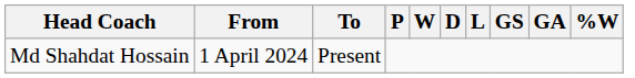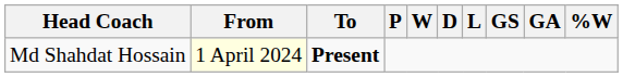 <table class="wikitable sortable" style="text-align: center">
 <tr>
 <th>Head Coach</th>
 <th class="unsortable">From</th>
 <th class="unsortable">To</th>
 <th abbr="3">P</th>
 <th abbr="1">W</th>
 <th abbr="1">D</th>
 <th abbr="1">L</th>
 <th abbr="4">GS</th>
 <th abbr="6">GA</th>
 <th abbr="50">%W</th>
 </tr>
 <tr>
 <td align="left"> Md Shahdat Hossain</td>
-<td align="left">1 April 2024</td>
-<td align="left">Present<br></td>
+<td align="left" style="background: lightyellow;">1 April 2024</td>
+<td align="left"><strong>Present<br></strong></td>
 </tr>
 </table>
